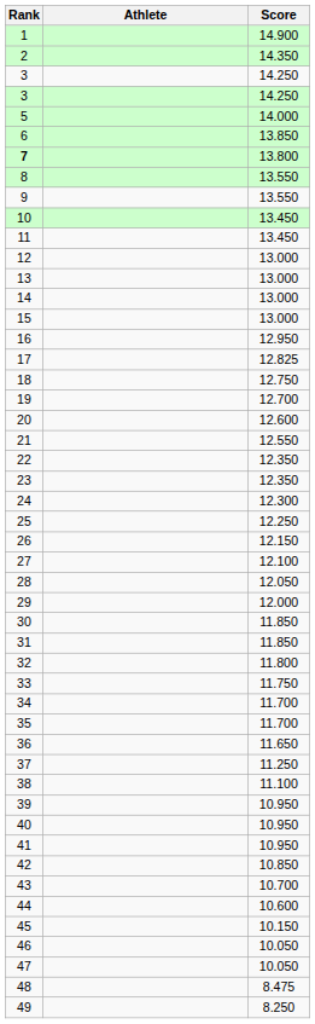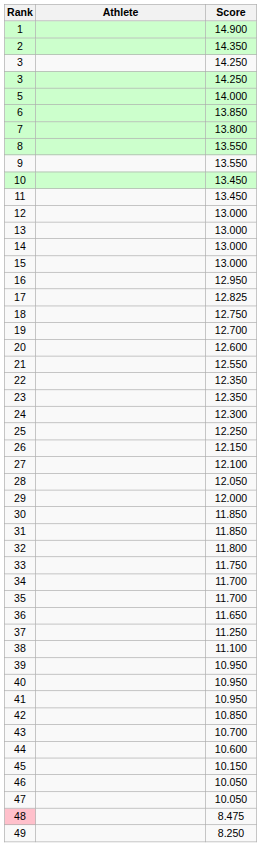 <table class=wikitable style="text-align:center">
 <tr>
 <th width=40>Rank</th>
 <th width=250>Athlete</th>
 <th width=70>Score</th>
 </tr>
 <tr bgcolor="ccffcc">
 <td>1</td>
 <td align=left></td>
 <td>14.900</td>
 </tr>
 <tr bgcolor="ccffcc">
 <td>2</td>
 <td align=left></td>
 <td>14.350</td>
 </tr>
 <tr>
 <td>3</td>
 <td align=left></td>
 <td>14.250</td>
 </tr>
 <tr bgcolor="ccffcc">
 <td>3</td>
 <td align=left></td>
 <td>14.250</td>
 </tr>
 <tr bgcolor="ccffcc">
 <td>5</td>
 <td align=left></td>
 <td>14.000</td>
 </tr>
 <tr bgcolor="ccffcc">
 <td>6</td>
 <td align=left></td>
 <td>13.850</td>
 </tr>
 <tr bgcolor="ccffcc">
-<td><strong>7</strong></td>
+<td>7</td>
 <td align=left></td>
 <td>13.800</td>
 </tr>
 <tr bgcolor="ccffcc">
 <td>8</td>
 <td align=left></td>
 <td>13.550</td>
 </tr>
 <tr>
 <td>9</td>
 <td align=left></td>
 <td>13.550</td>
 </tr>
 <tr bgcolor="ccffcc">
 <td>10</td>
 <td align=left></td>
 <td>13.450</td>
 </tr>
 <tr>
 <td>11</td>
 <td align=left></td>
 <td>13.450</td>
 </tr>
 <tr>
 <td>12</td>
 <td align=left></td>
 <td>13.000</td>
 </tr>
 <tr>
 <td>13</td>
 <td align=left></td>
 <td>13.000</td>
 </tr>
 <tr>
 <td>14</td>
 <td align=left></td>
 <td>13.000</td>
 </tr>
 <tr>
 <td>15</td>
 <td align=left></td>
 <td>13.000</td>
 </tr>
 <tr>
 <td>16</td>
 <td align=left></td>
 <td>12.950</td>
 </tr>
 <tr>
 <td>17</td>
 <td align=left></td>
 <td>12.825</td>
 </tr>
 <tr>
 <td>18</td>
 <td align=left></td>
 <td>12.750</td>
 </tr>
 <tr>
 <td>19</td>
 <td align=left></td>
 <td>12.700</td>
 </tr>
 <tr>
 <td>20</td>
 <td align=left></td>
 <td>12.600</td>
 </tr>
 <tr>
 <td>21</td>
 <td align=left></td>
 <td>12.550</td>
 </tr>
 <tr>
 <td>22</td>
 <td align=left></td>
 <td>12.350</td>
 </tr>
 <tr>
 <td>23</td>
 <td align=left></td>
 <td>12.350</td>
 </tr>
 <tr>
 <td>24</td>
 <td align=left></td>
 <td>12.300</td>
 </tr>
 <tr>
 <td>25</td>
 <td align=left></td>
 <td>12.250</td>
 </tr>
 <tr>
 <td>26</td>
 <td align=left></td>
 <td>12.150</td>
 </tr>
 <tr>
 <td>27</td>
 <td align=left></td>
 <td>12.100</td>
 </tr>
 <tr>
 <td>28</td>
 <td align=left></td>
 <td>12.050</td>
 </tr>
 <tr>
 <td>29</td>
 <td align=left></td>
 <td>12.000</td>
 </tr>
 <tr>
 <td>30</td>
 <td align=left></td>
 <td>11.850</td>
 </tr>
 <tr>
 <td>31</td>
 <td align=left></td>
 <td>11.850</td>
 </tr>
 <tr>
 <td>32</td>
 <td align=left></td>
 <td>11.800</td>
 </tr>
 <tr>
 <td>33</td>
 <td align=left></td>
 <td>11.750</td>
 </tr>
 <tr>
 <td>34</td>
 <td align=left></td>
 <td>11.700</td>
 </tr>
 <tr>
 <td>35</td>
 <td align=left></td>
 <td>11.700</td>
 </tr>
 <tr>
 <td>36</td>
 <td align=left></td>
 <td>11.650</td>
 </tr>
 <tr>
 <td>37</td>
 <td align=left></td>
 <td>11.250</td>
 </tr>
 <tr>
 <td>38</td>
 <td align=left></td>
 <td>11.100</td>
 </tr>
 <tr>
 <td>39</td>
 <td align=left></td>
 <td>10.950</td>
 </tr>
 <tr>
 <td>40</td>
 <td align=left></td>
 <td>10.950</td>
 </tr>
 <tr>
 <td>41</td>
 <td align=left></td>
 <td>10.950</td>
 </tr>
 <tr>
 <td>42</td>
 <td align=left></td>
 <td>10.850</td>
 </tr>
 <tr>
 <td>43</td>
 <td align=left></td>
 <td>10.700</td>
 </tr>
 <tr>
 <td>44</td>
 <td align=left></td>
 <td>10.600</td>
 </tr>
 <tr>
 <td>45</td>
 <td align=left></td>
 <td>10.150</td>
 </tr>
 <tr>
 <td>46</td>
 <td align=left></td>
 <td>10.050</td>
 </tr>
 <tr>
 <td>47</td>
 <td align=left></td>
 <td>10.050</td>
 </tr>
 <tr>
-<td>48</td>
+<td style="background: pink;">48</td>
 <td align=left></td>
 <td>8.475</td>
 </tr>
 <tr>
 <td>49</td>
 <td align=left></td>
 <td>8.250</td>
 </tr>
 </table>
